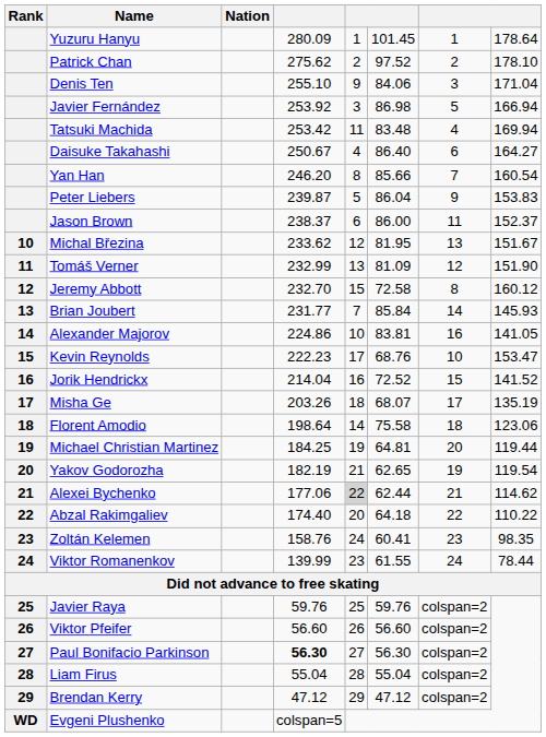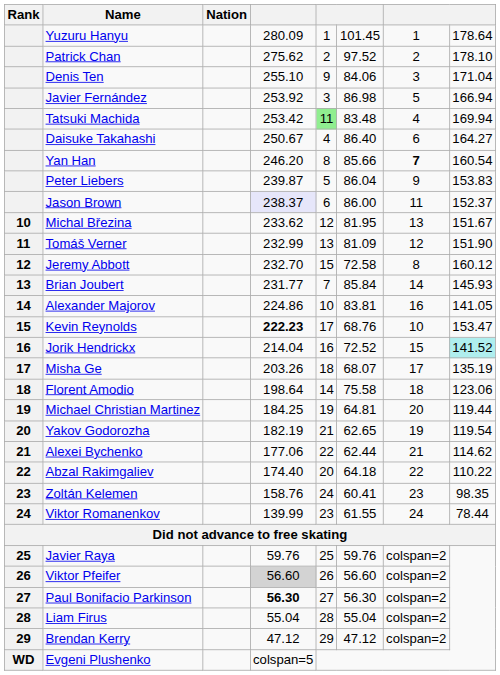 <table class="wikitable sortable" style="text-align:center">
 <tr>
 <th>Rank</th>
 <th>Name</th>
 <th>Nation</th>
 <th></th>
 <th colspan=2></th>
 <th colspan=2></th>
 </tr>
 <tr>
 <th></th>
 <td align=left><a href='#'>Yuzuru Hanyu</a></td>
 <td align=left></td>
 <td>280.09</td>
 <td>1</td>
 <td>101.45</td>
 <td>1</td>
 <td>178.64</td>
 </tr>
 <tr>
 <th></th>
 <td align=left><a href='#'>Patrick Chan</a></td>
 <td align=left></td>
 <td>275.62</td>
 <td>2</td>
 <td>97.52</td>
 <td>2</td>
 <td>178.10</td>
 </tr>
 <tr>
 <th></th>
 <td align=left><a href='#'>Denis Ten</a></td>
 <td align=left></td>
 <td>255.10</td>
 <td>9</td>
 <td>84.06</td>
 <td>3</td>
 <td>171.04</td>
 </tr>
 <tr>
 <th></th>
 <td align=left><a href='#'>Javier Fernández</a></td>
 <td align=left></td>
 <td>253.92</td>
 <td>3</td>
 <td>86.98</td>
 <td>5</td>
 <td>166.94</td>
 </tr>
 <tr>
 <th></th>
 <td align=left><a href='#'>Tatsuki Machida</a></td>
 <td align=left></td>
 <td>253.42</td>
-<td>11</td>
+<td style="background: lightgreen;">11</td>
 <td>83.48</td>
 <td>4</td>
 <td>169.94</td>
 </tr>
 <tr>
 <th></th>
 <td align=left><a href='#'>Daisuke Takahashi</a></td>
 <td align=left></td>
 <td>250.67</td>
 <td>4</td>
 <td>86.40</td>
 <td>6</td>
 <td>164.27</td>
 </tr>
 <tr>
 <th></th>
 <td align=left><a href='#'>Yan Han</a></td>
 <td align=left></td>
 <td>246.20</td>
 <td>8</td>
 <td>85.66</td>
-<td>7</td>
+<td><strong>7</strong></td>
 <td>160.54</td>
 </tr>
 <tr>
 <th></th>
 <td align=left><a href='#'>Peter Liebers</a></td>
 <td align=left></td>
 <td>239.87</td>
 <td>5</td>
 <td>86.04</td>
 <td>9</td>
 <td>153.83</td>
 </tr>
 <tr>
 <th></th>
 <td align=left><a href='#'>Jason Brown</a></td>
 <td align=left></td>
-<td>238.37</td>
+<td style="background: lavender;">238.37</td>
 <td>6</td>
 <td>86.00</td>
 <td>11</td>
 <td>152.37</td>
 </tr>
 <tr>
 <th>10</th>
 <td align=left><a href='#'>Michal Březina</a></td>
 <td align=left></td>
 <td>233.62</td>
 <td>12</td>
 <td>81.95</td>
 <td>13</td>
 <td>151.67</td>
 </tr>
 <tr>
 <th>11</th>
 <td align=left><a href='#'>Tomáš Verner</a></td>
 <td align=left></td>
 <td>232.99</td>
 <td>13</td>
 <td>81.09</td>
 <td>12</td>
 <td>151.90</td>
 </tr>
 <tr>
 <th>12</th>
 <td align=left><a href='#'>Jeremy Abbott</a></td>
 <td align=left></td>
 <td>232.70</td>
 <td>15</td>
 <td>72.58</td>
 <td>8</td>
 <td>160.12</td>
 </tr>
 <tr>
 <th>13</th>
 <td align=left><a href='#'>Brian Joubert</a></td>
 <td align=left></td>
 <td>231.77</td>
 <td>7</td>
 <td>85.84</td>
 <td>14</td>
 <td>145.93</td>
 </tr>
 <tr>
 <th>14</th>
 <td align=left><a href='#'>Alexander Majorov</a></td>
 <td align=left></td>
 <td>224.86</td>
 <td>10</td>
 <td>83.81</td>
 <td>16</td>
 <td>141.05</td>
 </tr>
 <tr>
 <th>15</th>
 <td align=left><a href='#'>Kevin Reynolds</a></td>
 <td align=left></td>
-<td>222.23</td>
+<td><strong>222.23</strong></td>
 <td>17</td>
 <td>68.76</td>
 <td>10</td>
 <td>153.47</td>
 </tr>
 <tr>
 <th>16</th>
 <td align=left><a href='#'>Jorik Hendrickx</a></td>
 <td align=left></td>
 <td>214.04</td>
 <td>16</td>
 <td>72.52</td>
 <td>15</td>
-<td>141.52</td>
+<td style="background: paleturquoise;">141.52</td>
 </tr>
 <tr>
 <th>17</th>
 <td align=left><a href='#'>Misha Ge</a></td>
 <td align=left></td>
 <td>203.26</td>
 <td>18</td>
 <td>68.07</td>
 <td>17</td>
 <td>135.19</td>
 </tr>
 <tr>
 <th>18</th>
 <td align=left><a href='#'>Florent Amodio</a></td>
 <td align=left></td>
 <td>198.64</td>
 <td>14</td>
 <td>75.58</td>
 <td>18</td>
 <td>123.06</td>
 </tr>
 <tr>
 <th>19</th>
 <td align=left><a href='#'>Michael Christian Martinez</a></td>
 <td align=left></td>
 <td>184.25</td>
 <td>19</td>
 <td>64.81</td>
 <td>20</td>
 <td>119.44</td>
 </tr>
 <tr>
 <th>20</th>
 <td align=left><a href='#'>Yakov Godorozha</a></td>
 <td align=left></td>
 <td>182.19</td>
 <td>21</td>
 <td>62.65</td>
 <td>19</td>
 <td>119.54</td>
 </tr>
 <tr>
 <th>21</th>
 <td align=left><a href='#'>Alexei Bychenko</a></td>
 <td align=left></td>
 <td>177.06</td>
-<td style="background: lightgrey;">22</td>
+<td>22</td>
 <td>62.44</td>
 <td>21</td>
 <td>114.62</td>
 </tr>
 <tr>
 <th>22</th>
 <td align=left><a href='#'>Abzal Rakimgaliev</a></td>
 <td align=left></td>
 <td>174.40</td>
 <td>20</td>
 <td>64.18</td>
 <td>22</td>
 <td>110.22</td>
 </tr>
 <tr>
 <th>23</th>
 <td align=left><a href='#'>Zoltán Kelemen</a></td>
 <td align=left></td>
 <td>158.76</td>
 <td>24</td>
 <td>60.41</td>
 <td>23</td>
 <td>98.35</td>
 </tr>
 <tr>
 <th>24</th>
 <td align=left><a href='#'>Viktor Romanenkov</a></td>
 <td align=left></td>
 <td>139.99</td>
 <td>23</td>
 <td>61.55</td>
 <td>24</td>
 <td>78.44</td>
 </tr>
 <tr>
 <th colspan=8>Did not advance to free skating</th>
 </tr>
 <tr>
 <th>25</th>
 <td align=left><a href='#'>Javier Raya</a></td>
 <td align=left></td>
 <td>59.76</td>
 <td>25</td>
 <td>59.76</td>
 <td>colspan=2 </td>
 </tr>
 <tr>
 <th>26</th>
 <td align=left><a href='#'>Viktor Pfeifer</a></td>
 <td align=left></td>
-<td>56.60</td>
+<td style="background: lightgrey;">56.60</td>
 <td>26</td>
 <td>56.60</td>
 <td>colspan=2 </td>
 </tr>
 <tr>
 <th>27</th>
 <td align=left><a href='#'>Paul Bonifacio Parkinson</a></td>
 <td align=left></td>
 <td><strong>56.30</strong></td>
 <td>27</td>
 <td>56.30</td>
 <td>colspan=2 </td>
 </tr>
 <tr>
 <th>28</th>
 <td align=left><a href='#'>Liam Firus</a></td>
 <td align=left></td>
 <td>55.04</td>
 <td>28</td>
 <td>55.04</td>
 <td>colspan=2 </td>
 </tr>
 <tr>
 <th>29</th>
 <td align=left><a href='#'>Brendan Kerry</a></td>
 <td align=left></td>
 <td>47.12</td>
 <td>29</td>
 <td>47.12</td>
 <td>colspan=2 </td>
 </tr>
 <tr>
 <th>WD</th>
 <td align=left><a href='#'>Evgeni Plushenko</a></td>
 <td align=left></td>
 <td>colspan=5 </td>
 </tr>
 </table>
